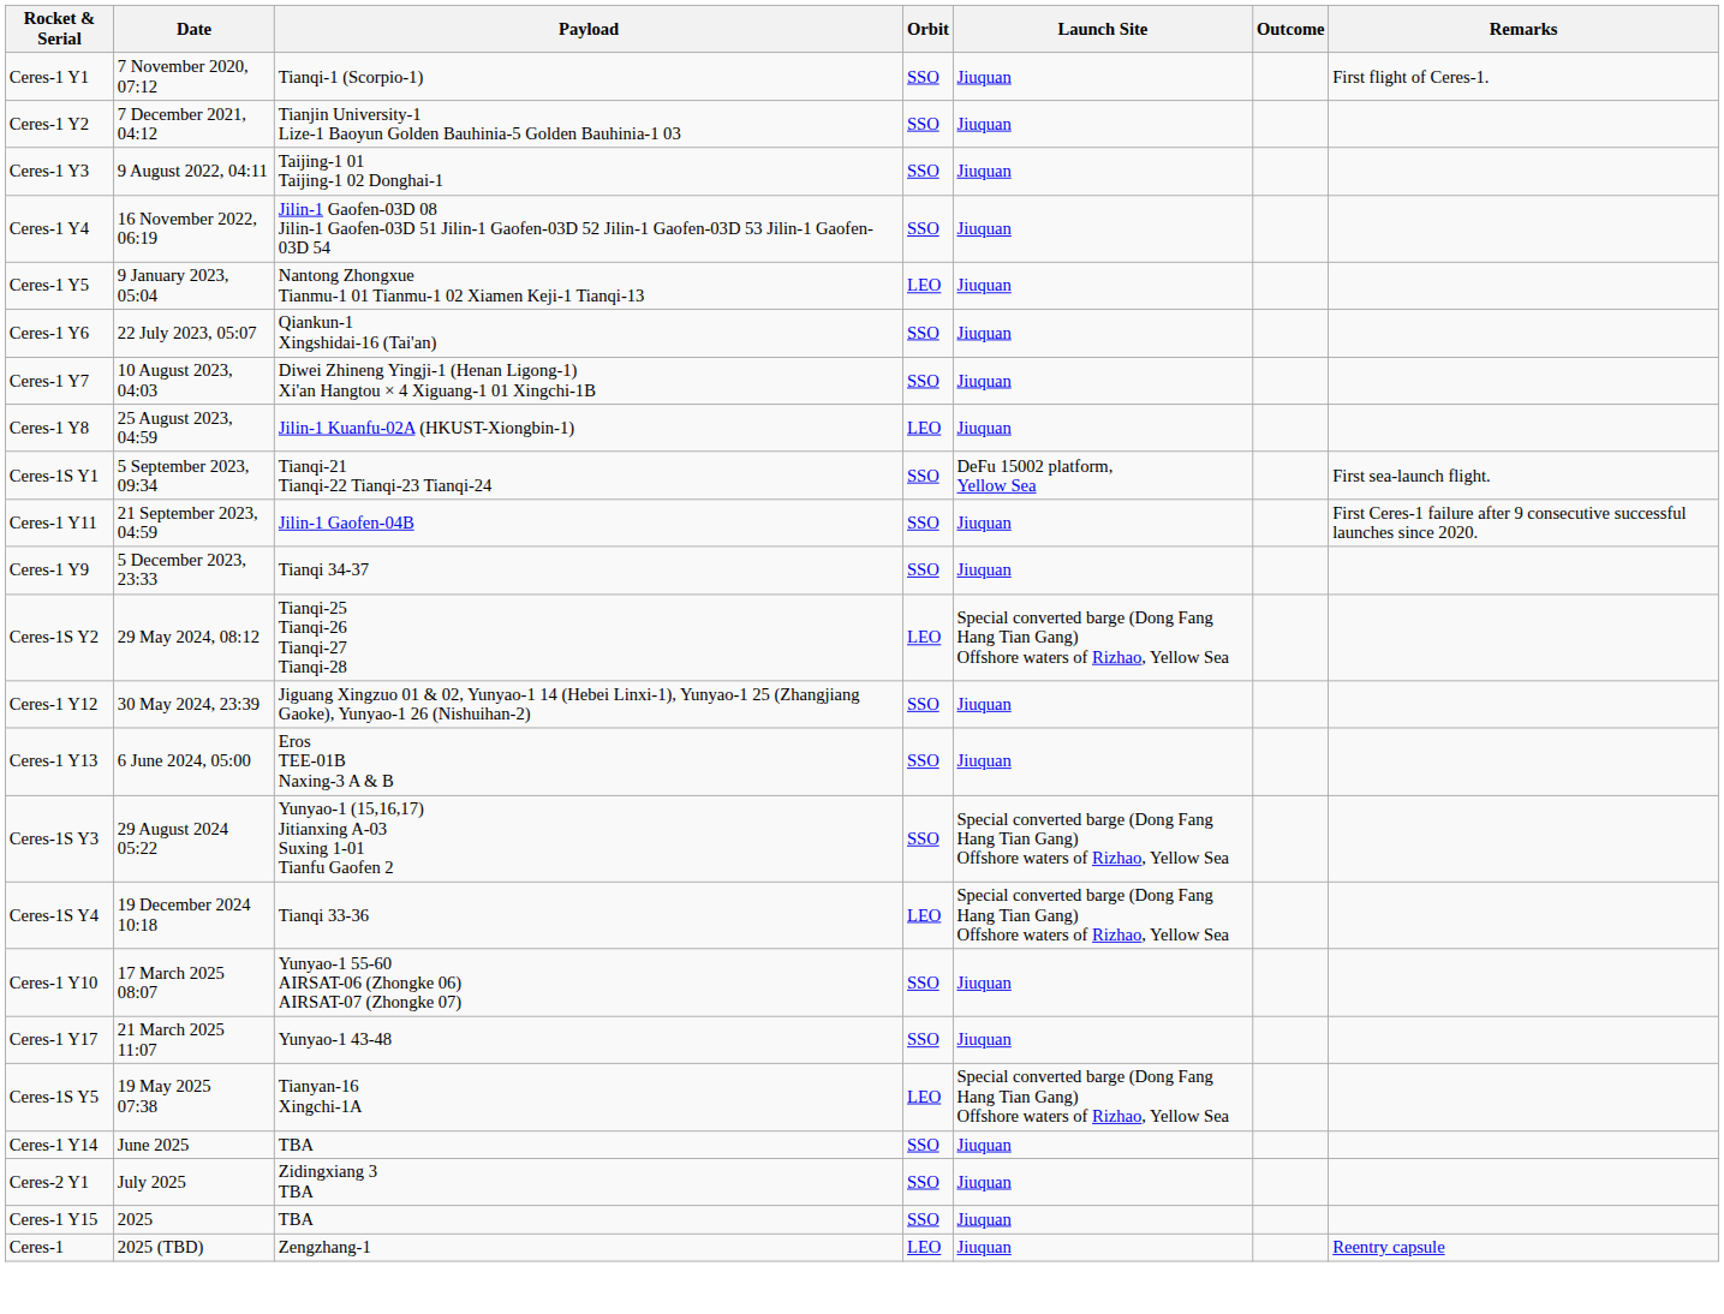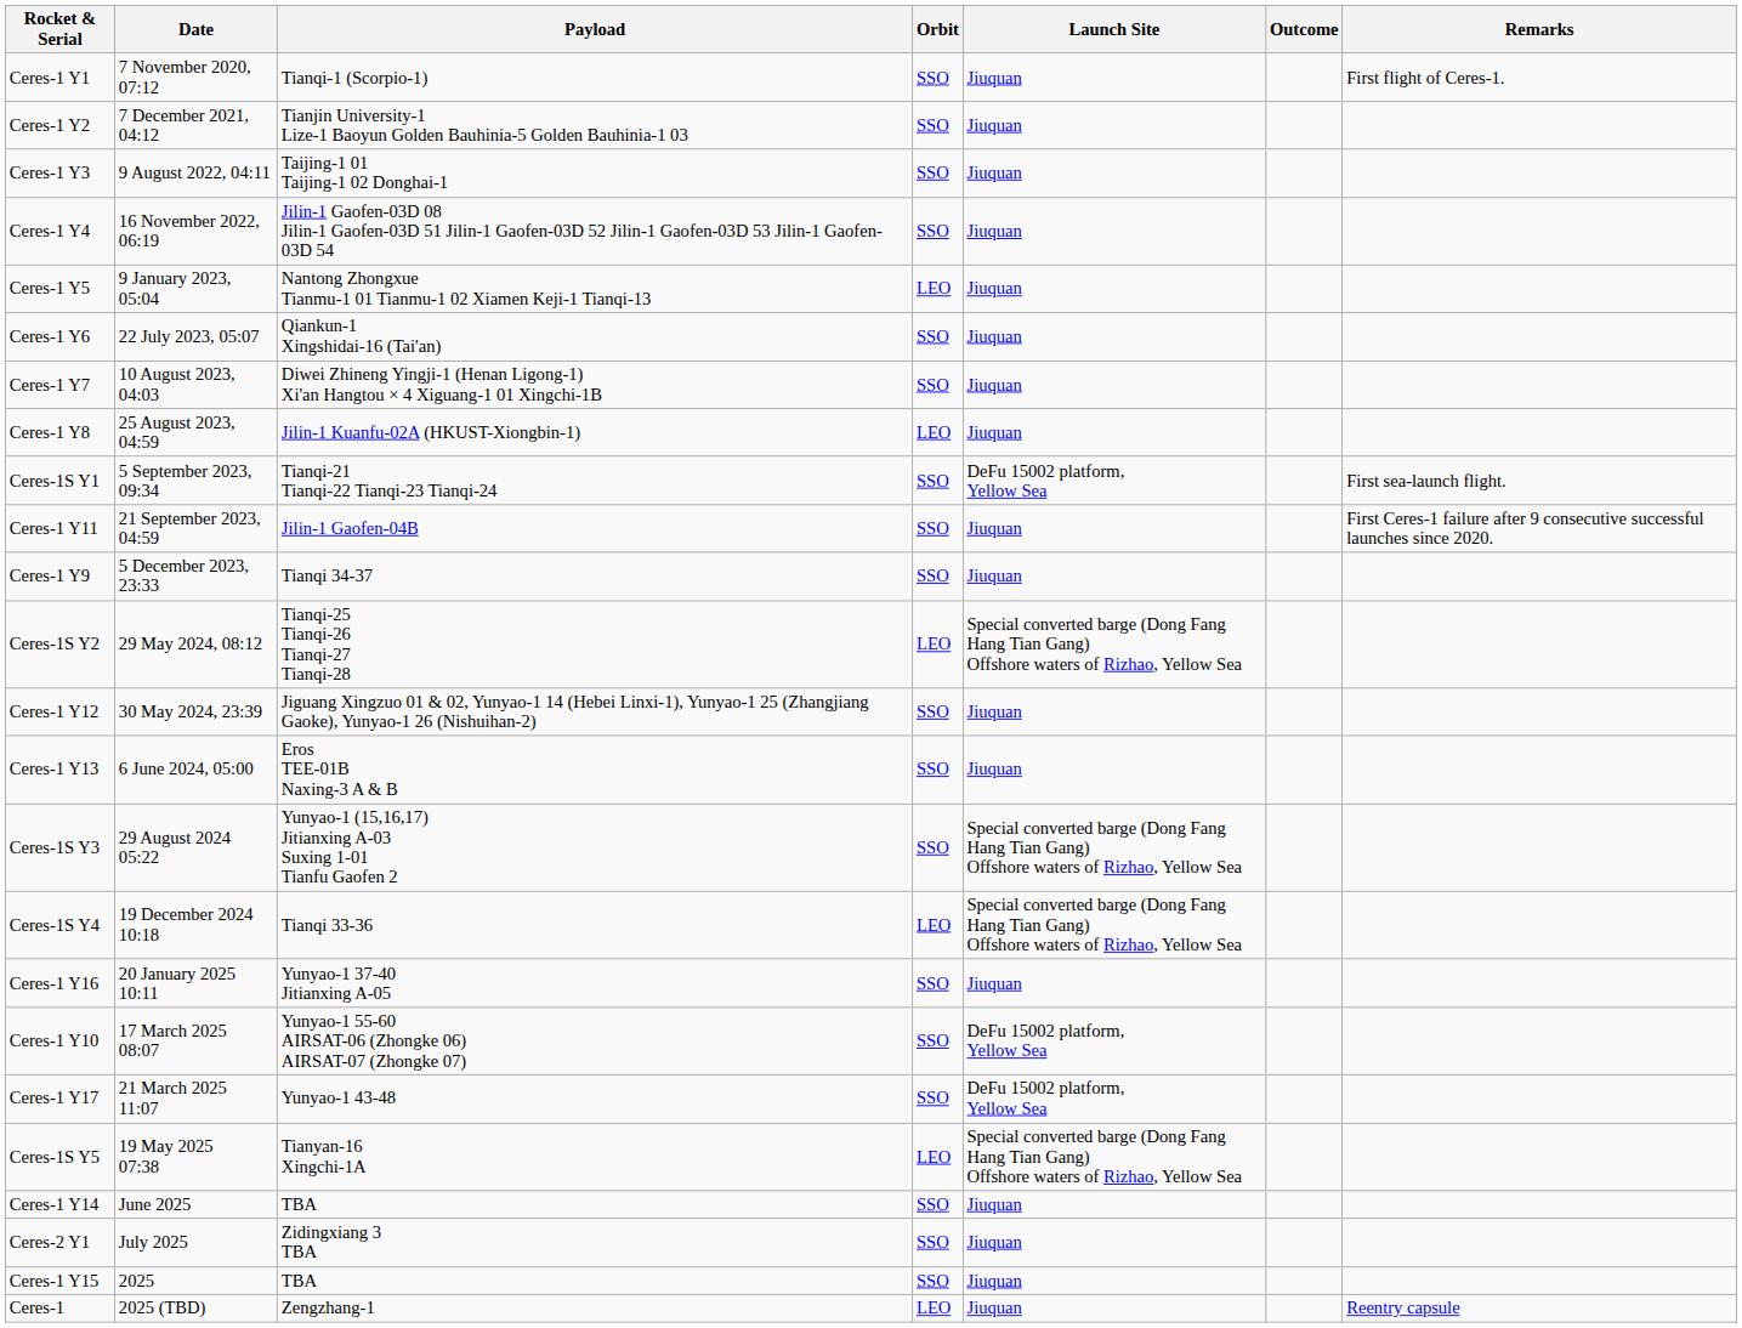 <table class="wikitable">
 <tr>
 <th>Rocket & Serial</th>
 <th>Date</th>
 <th>Payload</th>
 <th>Orbit</th>
 <th>Launch Site</th>
 <th>Outcome</th>
 <th>Remarks</th>
 </tr>
 <tr>
 <td>Ceres-1 Y1</td>
 <td>7 November 2020, 07:12</td>
 <td>Tianqi-1 (Scorpio-1)</td>
 <td><a href='#'>SSO</a></td>
 <td><a href='#'>Jiuquan</a></td>
 <td></td>
 <td>First flight of Ceres-1.</td>
 </tr>
 <tr>
 <td>Ceres-1 Y2</td>
 <td>7 December 2021, 04:12</td>
 <td>Tianjin University-1<br>Lize-1 Baoyun Golden Bauhinia-5 Golden Bauhinia-1 03</td>
 <td><a href='#'>SSO</a></td>
 <td><a href='#'>Jiuquan</a></td>
 <td></td>
 <td></td>
 </tr>
 <tr>
 <td>Ceres-1 Y3</td>
 <td>9 August 2022, 04:11</td>
 <td>Taijing-1 01<br>Taijing-1 02 Donghai-1</td>
 <td><a href='#'>SSO</a></td>
 <td><a href='#'>Jiuquan</a></td>
 <td></td>
 <td></td>
 </tr>
 <tr>
 <td>Ceres-1 Y4</td>
 <td>16 November 2022, 06:19</td>
 <td><a href='#'>Jilin-1</a> Gaofen-03D 08<br>Jilin-1 Gaofen-03D 51 Jilin-1 Gaofen-03D 52 Jilin-1 Gaofen-03D 53 Jilin-1 Gaofen-03D 54</td>
 <td><a href='#'>SSO</a></td>
 <td><a href='#'>Jiuquan</a></td>
 <td></td>
 <td></td>
 </tr>
 <tr>
 <td>Ceres-1 Y5</td>
 <td>9 January 2023, 05:04</td>
 <td>Nantong Zhongxue<br>Tianmu-1 01 Tianmu-1 02 Xiamen Keji-1 Tianqi-13</td>
 <td><a href='#'>LEO</a></td>
 <td><a href='#'>Jiuquan</a></td>
 <td></td>
 <td></td>
 </tr>
 <tr>
 <td>Ceres-1 Y6</td>
 <td>22 July 2023, 05:07</td>
 <td>Qiankun-1<br>Xingshidai-16 (Tai'an)</td>
 <td><a href='#'>SSO</a></td>
 <td><a href='#'>Jiuquan</a></td>
 <td></td>
 <td></td>
 </tr>
 <tr>
 <td>Ceres-1 Y7</td>
 <td>10 August 2023, 04:03</td>
 <td>Diwei Zhineng Yingji-1 (Henan Ligong-1)<br>Xi'an Hangtou × 4 Xiguang-1 01 Xingchi-1B</td>
 <td><a href='#'>SSO</a></td>
 <td><a href='#'>Jiuquan</a></td>
 <td></td>
 <td></td>
 </tr>
 <tr>
 <td>Ceres-1 Y8</td>
 <td>25 August 2023, 04:59</td>
 <td><a href='#'>Jilin-1 Kuanfu-02A</a> (HKUST-Xiongbin-1)</td>
 <td><a href='#'>LEO</a></td>
 <td><a href='#'>Jiuquan</a></td>
 <td></td>
 <td></td>
 </tr>
 <tr>
 <td>Ceres-1S Y1</td>
 <td>5 September 2023, 09:34</td>
 <td>Tianqi-21<br>Tianqi-22 Tianqi-23 Tianqi-24</td>
 <td><a href='#'>SSO</a></td>
 <td>DeFu 15002 platform,<br><a href='#'>Yellow Sea</a></td>
 <td></td>
 <td>First sea-launch flight.</td>
 </tr>
 <tr>
 <td>Ceres-1 Y11</td>
 <td>21 September 2023, 04:59</td>
 <td><a href='#'>Jilin-1 Gaofen-04B</a></td>
 <td><a href='#'>SSO</a></td>
 <td><a href='#'>Jiuquan</a></td>
 <td></td>
 <td>First Ceres-1 failure after 9 consecutive successful launches since 2020.</td>
 </tr>
 <tr>
 <td>Ceres-1 Y9</td>
 <td>5 December 2023, 23:33</td>
 <td>Tianqi 34-37</td>
 <td><a href='#'>SSO</a></td>
 <td><a href='#'>Jiuquan</a></td>
 <td></td>
 <td></td>
 </tr>
 <tr>
 <td>Ceres-1S Y2</td>
 <td>29 May 2024, 08:12</td>
 <td>Tianqi-25<br>Tianqi-26<br>Tianqi-27<br>Tianqi-28</td>
 <td><a href='#'>LEO</a></td>
 <td>Special converted barge (Dong Fang Hang Tian Gang)<br>Offshore waters of <a href='#'>Rizhao</a>, Yellow Sea</td>
 <td></td>
 <td></td>
 </tr>
 <tr>
 <td>Ceres-1 Y12</td>
 <td>30 May 2024, 23:39</td>
 <td>Jiguang Xingzuo 01 & 02, Yunyao-1 14 (Hebei Linxi-1), Yunyao-1 25 (Zhangjiang Gaoke), Yunyao-1 26 (Nishuihan-2)</td>
 <td><a href='#'>SSO</a></td>
 <td><a href='#'>Jiuquan</a></td>
 <td></td>
 <td></td>
 </tr>
 <tr>
 <td>Ceres-1 Y13</td>
 <td>6 June 2024, 05:00</td>
 <td>Eros<br>TEE-01B<br>Naxing-3 A & B</td>
 <td><a href='#'>SSO</a></td>
 <td><a href='#'>Jiuquan</a></td>
 <td></td>
 <td></td>
 </tr>
 <tr>
 <td>Ceres-1S Y3</td>
 <td>29 August 2024<br>05:22</td>
 <td>Yunyao-1 (15,16,17)<br>Jitianxing A-03<br>Suxing 1-01<br>Tianfu Gaofen 2</td>
 <td><a href='#'>SSO</a></td>
 <td>Special converted barge (Dong Fang Hang Tian Gang)<br>Offshore waters of <a href='#'>Rizhao</a>, Yellow Sea</td>
 <td></td>
 <td></td>
 </tr>
 <tr>
 <td>Ceres-1S Y4</td>
 <td>19 December 2024<br>10:18</td>
 <td>Tianqi 33-36</td>
 <td><a href='#'>LEO</a></td>
 <td>Special converted barge (Dong Fang Hang Tian Gang)<br>Offshore waters of <a href='#'>Rizhao</a>, Yellow Sea</td>
 <td></td>
 <td></td>
 </tr>
 <tr>
+<td>Ceres-1 Y16</td>
+<td>20 January 2025<br>10:11</td>
+<td>Yunyao-1 37-40<br>Jitianxing A-05</td>
+<td><a href='#'>SSO</a></td>
+<td><a href='#'>Jiuquan</a></td>
+<td></td>
+<td></td>
+</tr>
+<tr>
 <td>Ceres-1 Y10</td>
 <td>17 March 2025<br>08:07</td>
 <td>Yunyao-1 55-60<br>AIRSAT-06 (Zhongke 06)<br>AIRSAT-07 (Zhongke 07)</td>
 <td><a href='#'>SSO</a></td>
-<td><a href='#'>Jiuquan</a></td>
+<td>DeFu 15002 platform,<br><a href='#'>Yellow Sea</a></td>
 <td></td>
 <td></td>
 </tr>
 <tr>
 <td>Ceres-1 Y17</td>
 <td>21 March 2025<br>11:07</td>
 <td>Yunyao-1 43-48</td>
 <td><a href='#'>SSO</a></td>
-<td><a href='#'>Jiuquan</a></td>
+<td>DeFu 15002 platform,<br><a href='#'>Yellow Sea</a></td>
 <td></td>
 <td></td>
 </tr>
 <tr>
 <td>Ceres-1S Y5</td>
 <td>19 May 2025<br>07:38</td>
 <td>Tianyan-16<br>Xingchi-1A</td>
 <td><a href='#'>LEO</a></td>
 <td>Special converted barge (Dong Fang Hang Tian Gang)<br>Offshore waters of <a href='#'>Rizhao</a>, Yellow Sea</td>
 <td></td>
 <td></td>
 </tr>
 <tr>
 <td>Ceres-1 Y14</td>
 <td>June 2025</td>
 <td>TBA</td>
 <td><a href='#'>SSO</a></td>
 <td><a href='#'>Jiuquan</a></td>
 <td></td>
 <td></td>
 </tr>
 <tr>
 <td>Ceres-2 Y1</td>
 <td>July 2025</td>
 <td>Zidingxiang 3<br>TBA</td>
 <td><a href='#'>SSO</a></td>
 <td><a href='#'>Jiuquan</a></td>
 <td></td>
 <td></td>
 </tr>
 <tr>
 <td>Ceres-1 Y15</td>
 <td>2025</td>
 <td>TBA</td>
 <td><a href='#'>SSO</a></td>
 <td><a href='#'>Jiuquan</a></td>
 <td></td>
 <td></td>
 </tr>
 <tr>
 <td>Ceres-1</td>
 <td>2025 (TBD)</td>
 <td>Zengzhang-1</td>
 <td><a href='#'>LEO</a></td>
 <td><a href='#'>Jiuquan</a></td>
 <td></td>
 <td><a href='#'>Reentry capsule</a></td>
 </tr>
 </table>
